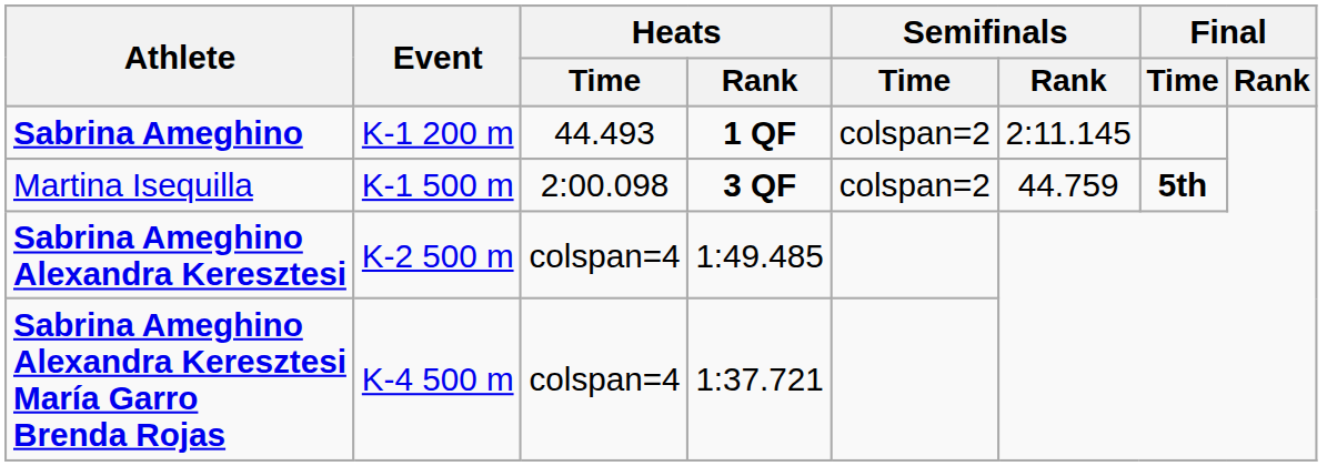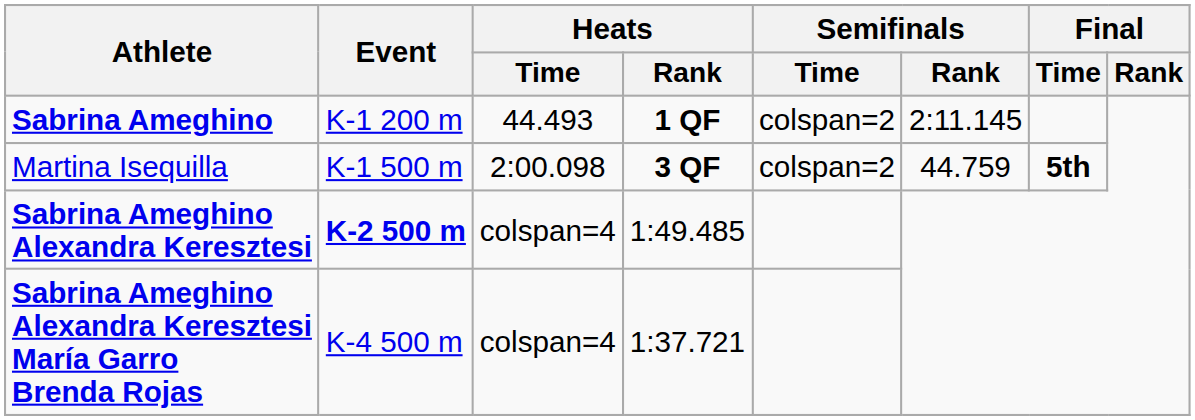 <table class=wikitable style="font-size:90%;">
 <tr>
 <th rowspan="2">Athlete</th>
 <th rowspan="2">Event</th>
 <th colspan=2>Heats</th>
 <th colspan=2>Semifinals</th>
 <th colspan=2>Final</th>
 </tr>
 <tr style="font-size:95%">
 <th>Time</th>
 <th>Rank</th>
 <th>Time</th>
 <th>Rank</th>
 <th>Time</th>
 <th>Rank</th>
 </tr>
 <tr align=center>
 <td align=left><strong><a href='#'>Sabrina Ameghino</a></strong></td>
 <td align=left><a href='#'>K-1 200 m</a></td>
 <td>44.493</td>
 <td><strong>1</strong> <strong>QF</strong></td>
 <td>colspan=2 </td>
 <td>2:11.145</td>
 <td></td>
 </tr>
 <tr align=center>
 <td align=left><a href='#'>Martina Isequilla</a></td>
 <td align=left><a href='#'>K-1 500 m</a></td>
 <td>2:00.098</td>
 <td><strong>3</strong> <strong>QF</strong></td>
 <td>colspan=2 </td>
 <td>44.759</td>
 <td><strong>5th</strong></td>
 </tr>
 <tr align=center>
 <td align=left><strong><a href='#'>Sabrina Ameghino</a></strong><br><strong><a href='#'>Alexandra Keresztesi</a></strong></td>
-<td align=left><a href='#'>K-2 500 m</a></td>
+<td align=left><strong><a href='#'>K-2 500 m</a></strong></td>
 <td>colspan=4 </td>
 <td>1:49.485</td>
 <td></td>
 </tr>
 <tr align=center>
 <td align=left><strong><a href='#'>Sabrina Ameghino</a></strong><br><strong><a href='#'>Alexandra Keresztesi</a></strong><br><strong><a href='#'>María Garro</a></strong><br><strong><a href='#'>Brenda Rojas</a></strong></td>
 <td align=left><a href='#'>K-4 500 m</a></td>
 <td>colspan=4 </td>
 <td>1:37.721</td>
 <td align=center></td>
 </tr>
 </table>
